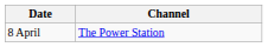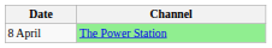 <table class="wikitable">
 <tr>
 <th width=90>Date</th>
 <th width=250>Channel</th>
 </tr>
 <tr>
 <td>8 April</td>
-<td><a href='#'>The Power Station</a></td>
+<td style="background: lightgreen;"><a href='#'>The Power Station</a></td>
 </tr>
 </table>
